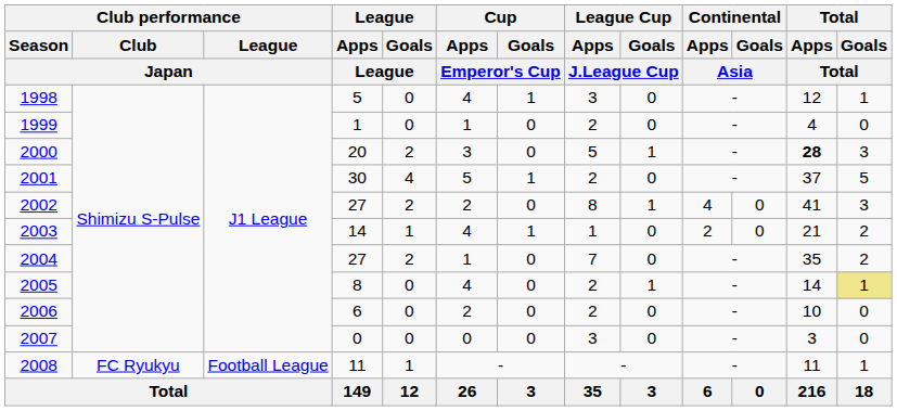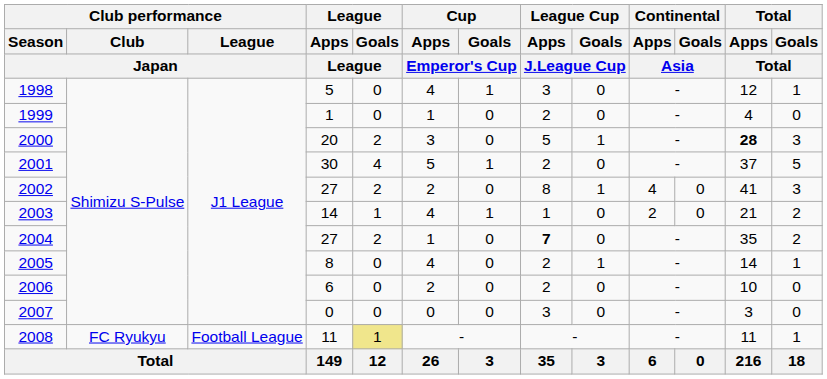 <table class="wikitable" style="text-align:center;">
 <tr>
 <th colspan=3>Club performance</th>
 <th colspan=2>League</th>
 <th colspan=2>Cup</th>
 <th colspan=2>League Cup</th>
 <th colspan=2>Continental</th>
 <th colspan=2>Total</th>
 </tr>
 <tr>
 <th>Season</th>
 <th>Club</th>
 <th>League</th>
 <th>Apps</th>
 <th>Goals</th>
 <th>Apps</th>
 <th>Goals</th>
 <th>Apps</th>
 <th>Goals</th>
 <th>Apps</th>
 <th>Goals</th>
 <th>Apps</th>
 <th>Goals</th>
 </tr>
 <tr>
 <th colspan=3>Japan</th>
 <th colspan=2>League</th>
 <th colspan=2><a href='#'>Emperor's Cup</a></th>
 <th colspan=2><a href='#'>J.League Cup</a></th>
 <th colspan=2><a href='#'>Asia</a></th>
 <th colspan=2>Total</th>
 </tr>
 <tr>
 <td><a href='#'>1998</a></td>
 <td rowspan="10"><a href='#'>Shimizu S-Pulse</a></td>
 <td rowspan="10"><a href='#'>J1 League</a></td>
 <td>5</td>
 <td>0</td>
 <td>4</td>
 <td>1</td>
 <td>3</td>
 <td>0</td>
 <td colspan="2">-</td>
 <td>12</td>
 <td>1</td>
 </tr>
 <tr>
 <td><a href='#'>1999</a></td>
 <td>1</td>
 <td>0</td>
 <td>1</td>
 <td>0</td>
 <td>2</td>
 <td>0</td>
 <td colspan="2">-</td>
 <td>4</td>
 <td>0</td>
 </tr>
 <tr>
 <td><a href='#'>2000</a></td>
 <td>20</td>
 <td>2</td>
 <td>3</td>
 <td>0</td>
 <td>5</td>
 <td>1</td>
 <td colspan="2">-</td>
 <td><strong>28</strong></td>
 <td>3</td>
 </tr>
 <tr>
 <td><a href='#'>2001</a></td>
 <td>30</td>
 <td>4</td>
 <td>5</td>
 <td>1</td>
 <td>2</td>
 <td>0</td>
 <td colspan="2">-</td>
 <td>37</td>
 <td>5</td>
 </tr>
 <tr>
 <td><a href='#'>2002</a></td>
 <td>27</td>
 <td>2</td>
 <td>2</td>
 <td>0</td>
 <td>8</td>
 <td>1</td>
 <td>4</td>
 <td>0</td>
 <td>41</td>
 <td>3</td>
 </tr>
 <tr>
 <td><a href='#'>2003</a></td>
 <td>14</td>
 <td>1</td>
 <td>4</td>
 <td>1</td>
 <td>1</td>
 <td>0</td>
 <td>2</td>
 <td>0</td>
 <td>21</td>
 <td>2</td>
 </tr>
 <tr>
 <td><a href='#'>2004</a></td>
 <td>27</td>
 <td>2</td>
 <td>1</td>
 <td>0</td>
-<td>7</td>
+<td><strong>7</strong></td>
 <td>0</td>
 <td colspan="2">-</td>
 <td>35</td>
 <td>2</td>
 </tr>
 <tr>
 <td><a href='#'>2005</a></td>
 <td>8</td>
 <td>0</td>
 <td>4</td>
 <td>0</td>
 <td>2</td>
 <td>1</td>
 <td colspan="2">-</td>
 <td>14</td>
-<td style="background: khaki;">1</td>
+<td>1</td>
 </tr>
 <tr>
 <td><a href='#'>2006</a></td>
 <td>6</td>
 <td>0</td>
 <td>2</td>
 <td>0</td>
 <td>2</td>
 <td>0</td>
 <td colspan="2">-</td>
 <td>10</td>
 <td>0</td>
 </tr>
 <tr>
 <td><a href='#'>2007</a></td>
 <td>0</td>
 <td>0</td>
 <td>0</td>
 <td>0</td>
 <td>3</td>
 <td>0</td>
 <td colspan="2">-</td>
 <td>3</td>
 <td>0</td>
 </tr>
 <tr>
 <td><a href='#'>2008</a></td>
 <td><a href='#'>FC Ryukyu</a></td>
 <td><a href='#'>Football League</a></td>
 <td>11</td>
-<td>1</td>
+<td style="background: khaki;">1</td>
 <td colspan="2">-</td>
 <td colspan="2">-</td>
 <td colspan="2">-</td>
 <td>11</td>
 <td>1</td>
 </tr>
 <tr>
 <th colspan=3>Total</th>
 <th>149</th>
 <th>12</th>
 <th>26</th>
 <th>3</th>
 <th>35</th>
 <th>3</th>
 <th>6</th>
 <th>0</th>
 <th>216</th>
 <th>18</th>
 </tr>
 </table>
